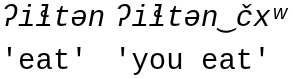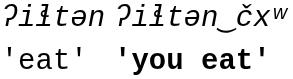 <table>
 <tr style="font-style:italic;">
 <td>ʔiɬtən</td>
 <td>ʔiɬtən‿čxʷ</td>
 </tr>
 <tr>
 <td>'eat'</td>
-<td>'you eat'</td>
+<td><strong>'you eat'</strong></td>
 </tr>
 </table>
